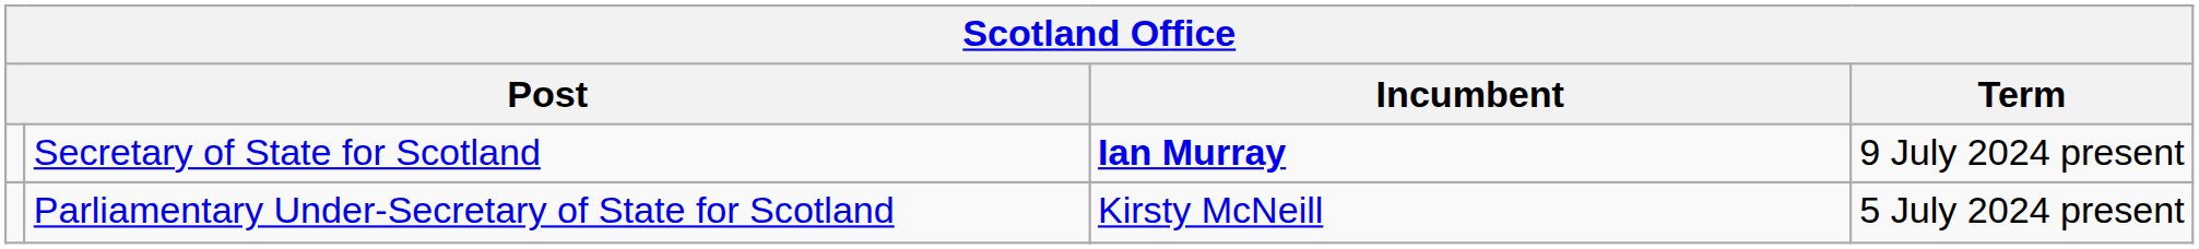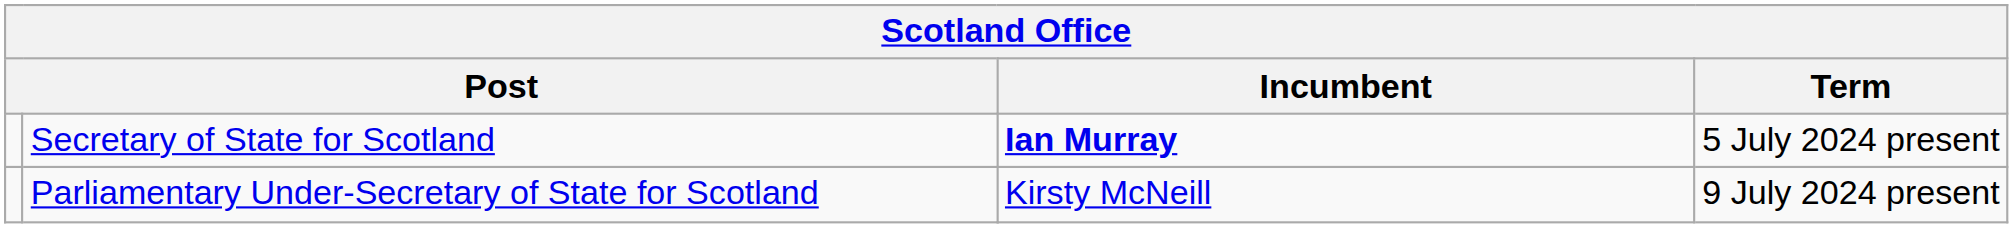 <table class="wikitable">
 <tr>
 <th colspan="5"><a href='#'>Scotland Office</a></th>
 </tr>
 <tr>
 <th colspan="3">Post</th>
 <th>Incumbent</th>
 <th>Term</th>
 </tr>
 <tr>
 <td style="width: 1px; background: "></td>
 <td style="width: 450px;"><a href='#'>Secretary of State for Scotland</a></td>
 <td colspan="2" style="width: 320px;"><strong><a href='#'>Ian Murray</a></strong></td>
-<td>9 July 2024 present</td>
+<td>5 July 2024 present</td>
 </tr>
 <tr>
 <td rowspan="1" style="width: 1px; background: "></td>
 <td rowspan="1" style="width: 450px;"><a href='#'>Parliamentary Under-Secretary of State for Scotland</a></td>
 <td colspan="2"><a href='#'>Kirsty McNeill</a></td>
-<td>5 July 2024 present</td>
+<td>9 July 2024 present</td>
 </tr>
 </table>
